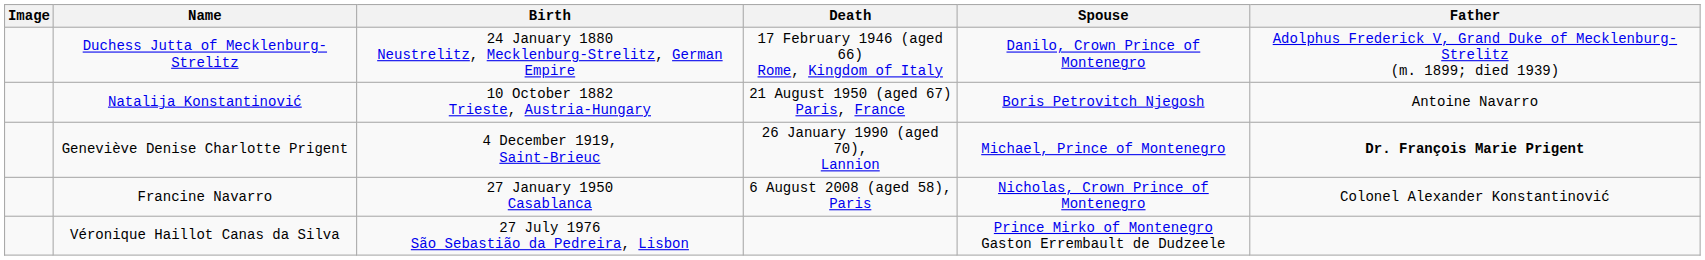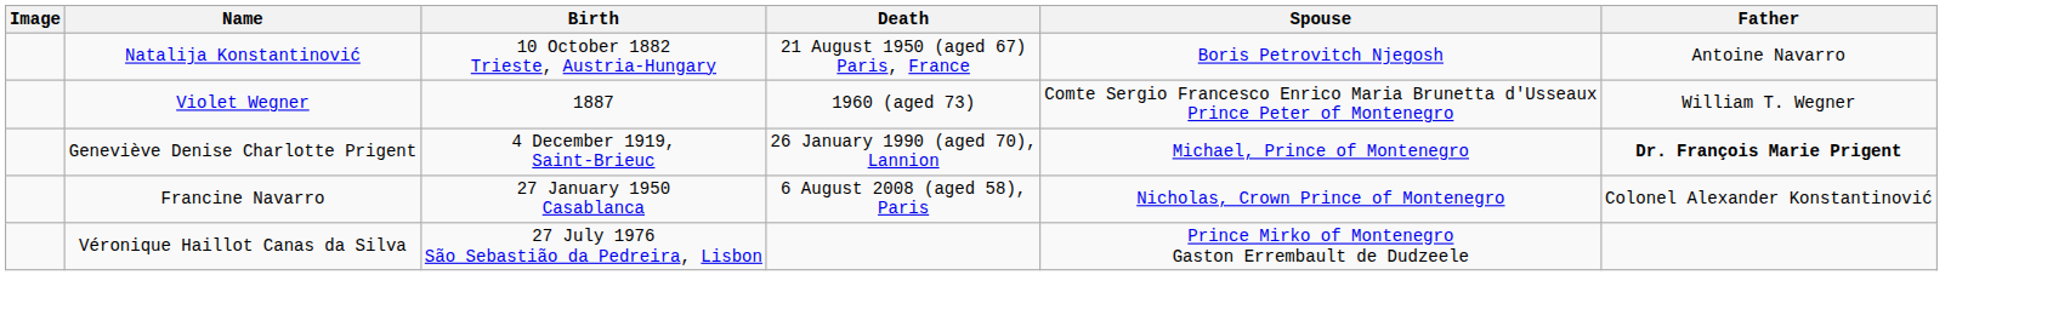 <table class="wikitable plainrowheaders sortable">
 <tr>
 <th class="unsortable">Image</th>
 <th>Name</th>
 <th>Birth</th>
 <th>Death</th>
 <th>Spouse</th>
 <th>Father</th>
 </tr>
 <tr align=center>
 <td><br></td>
-<td><a href='#'>Duchess Jutta of Mecklenburg-Strelitz</a></td>
-<td>24 January 1880<br><a href='#'>Neustrelitz</a>, <a href='#'>Mecklenburg-Strelitz</a>, <a href='#'>German Empire</a></td>
-<td>17 February 1946 (aged 66)<br><a href='#'>Rome</a>, <a href='#'>Kingdom of Italy</a></td>
-<td><a href='#'>Danilo, Crown Prince of Montenegro</a></td>
-<td><a href='#'>Adolphus Frederick V, Grand Duke of Mecklenburg-Strelitz</a><br>(m. 1899; died 1939)</td>
-</tr>
-<tr align=center>
-<td><br></td>
 <td><a href='#'>Natalija Konstantinović</a></td>
 <td>10 October 1882<br><a href='#'>Trieste</a>, <a href='#'>Austria-Hungary</a></td>
 <td>21 August 1950 (aged 67)<br><a href='#'>Paris</a>, <a href='#'>France</a></td>
 <td><a href='#'>Boris Petrovitch Njegosh</a></td>
 <td>Antoine Navarro</td>
+</tr>
+<tr align=center>
+<td></td>
+<td><a href='#'>Violet Wegner</a></td>
+<td>1887</td>
+<td>1960 (aged 73)</td>
+<td>Comte Sergio Francesco Enrico Maria Brunetta d'Usseaux<br><a href='#'>Prince Peter of Montenegro</a></td>
+<td>William T. Wegner</td>
 </tr>
 <tr align=center>
 <td></td>
 <td>Geneviève Denise Charlotte Prigent</td>
 <td>4 December 1919,<br><a href='#'>Saint-Brieuc</a></td>
 <td>26 January 1990 (aged 70),<br><a href='#'>Lannion</a></td>
 <td><a href='#'>Michael, Prince of Montenegro</a></td>
 <td><strong>Dr. François Marie Prigent</strong></td>
 </tr>
 <tr align=center>
 <td></td>
 <td>Francine Navarro</td>
 <td>27 January 1950<br><a href='#'>Casablanca</a></td>
 <td>6 August 2008 (aged 58),<br><a href='#'>Paris</a></td>
 <td><a href='#'>Nicholas, Crown Prince of Montenegro</a></td>
 <td>Colonel Alexander Konstantinović</td>
 </tr>
 <tr align=center>
 <td></td>
 <td>Véronique Haillot Canas da Silva</td>
 <td>27 July 1976<br><a href='#'>São Sebastião da Pedreira</a>, <a href='#'>Lisbon</a></td>
 <td></td>
 <td><a href='#'>Prince Mirko of Montenegro</a><br>Gaston Errembault de Dudzeele</td>
 </tr>
 </table>
